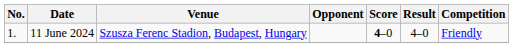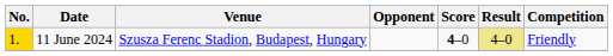 <table class="wikitable">
 <tr>
 <th>No.</th>
 <th>Date</th>
 <th>Venue</th>
 <th>Opponent</th>
 <th>Score</th>
 <th>Result</th>
 <th>Competition</th>
 </tr>
 <tr>
-<td>1.</td>
+<td style="background: gold;">1.</td>
 <td>11 June 2024</td>
 <td><a href='#'>Szusza Ferenc Stadion</a>, <a href='#'>Budapest</a>, <a href='#'>Hungary</a></td>
 <td></td>
 <td align=center><strong>4</strong>–0</td>
-<td align=center>4–0</td>
+<td align=center style="background: khaki;">4–0</td>
 <td><a href='#'>Friendly</a></td>
 </tr>
 <tr>
 </tr>
 </table>
